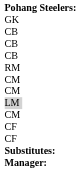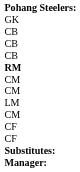 <table style="font-size: 90%" cellspacing="0" cellpadding="0" align=center>
 <tr>
 <td colspan=4><strong>Pohang Steelers:</strong></td>
 </tr>
 <tr>
 <th width=25></th>
 <th width=25></th>
 </tr>
 <tr>
 <td>GK</td>
 <td><strong> </strong></td>
 <td></td>
 </tr>
 <tr>
 <td>CB</td>
 <td><strong> </strong></td>
 <td></td>
 </tr>
 <tr>
 <td>CB</td>
 <td><strong> </strong></td>
 <td></td>
 </tr>
 <tr>
 <td>CB</td>
 <td><strong> </strong></td>
 <td></td>
 </tr>
 <tr>
-<td>RM</td>
+<td><strong>RM</strong></td>
 <td><strong> </strong></td>
 <td></td>
 </tr>
 <tr>
 <td>CM</td>
 <td><strong> </strong></td>
 <td></td>
 </tr>
 <tr>
 <td>CM</td>
 <td><strong> </strong></td>
 <td></td>
 </tr>
 <tr>
-<td style="background: lightgrey;">LM</td>
+<td>LM</td>
 <td><strong> </strong></td>
 <td></td>
 </tr>
 <tr>
 <td>CM</td>
 <td><strong> </strong></td>
 <td></td>
 </tr>
 <tr>
 <td>CF</td>
 <td><strong> </strong></td>
 <td></td>
 </tr>
 <tr>
 <td>CF</td>
 <td><strong> </strong></td>
 <td></td>
 </tr>
 <tr>
 <td colspan=3><strong>Substitutes:</strong></td>
 </tr>
 <tr>
 <td colspan=3><strong>Manager:</strong></td>
 </tr>
 </table>
